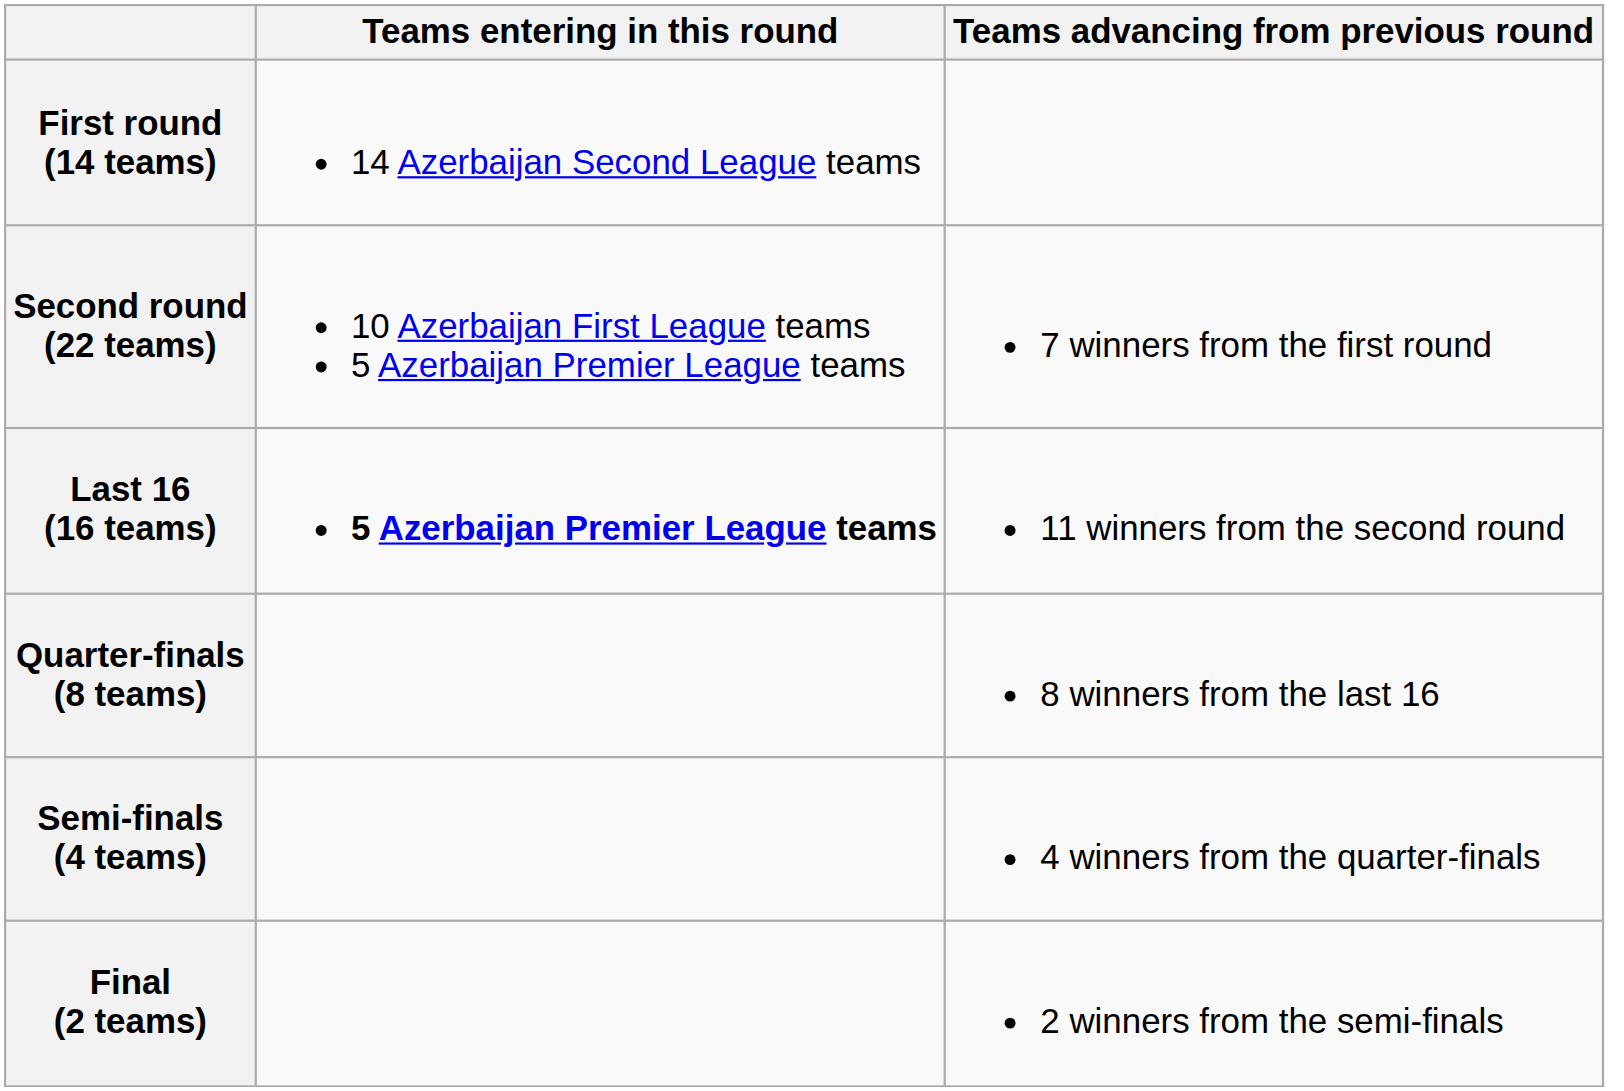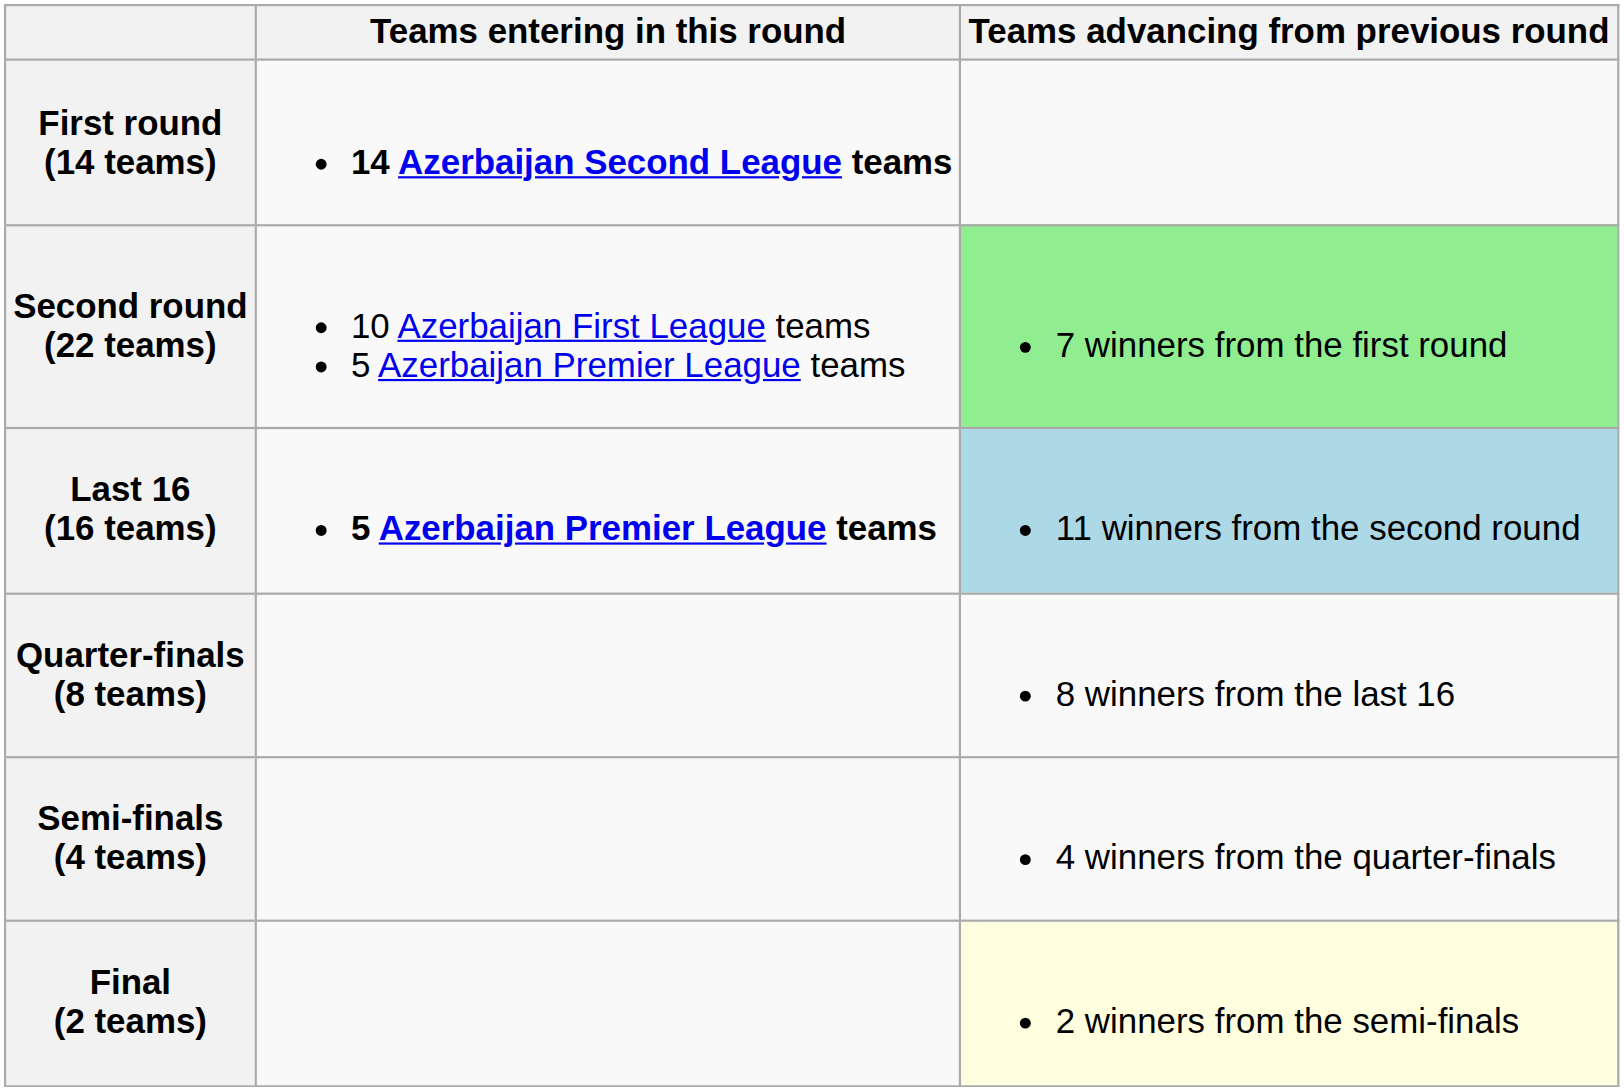 <table class="wikitable">
 <tr>
 <th colspan=2></th>
 <th>Teams entering in this round</th>
 <th>Teams advancing from previous round</th>
 </tr>
 <tr>
 <th colspan=2>First round<br>(14 teams)</th>
-<td><br><ul><li>14 <a href='#'>Azerbaijan Second League</a> teams</li></ul></td>
+<td><strong><br><ul><li>14 <a href='#'>Azerbaijan Second League</a> teams</li></ul></strong></td>
 <td></td>
 </tr>
 <tr>
 <th colspan=2>Second round<br>(22 teams)</th>
 <td><br><ul><li>10 <a href='#'>Azerbaijan First League</a> teams</li><li>5 <a href='#'>Azerbaijan Premier League</a> teams</li></ul></td>
-<td><br><ul><li>7 winners from the first round</li></ul></td>
+<td style="background: lightgreen;"><br><ul><li>7 winners from the first round</li></ul></td>
 </tr>
 <tr>
 <th colspan=2>Last 16<br>(16 teams)</th>
 <td><strong><br><ul><li>5 <a href='#'>Azerbaijan Premier League</a> teams</li></ul></strong></td>
-<td><br><ul><li>11 winners from the second round</li></ul></td>
+<td style="background: lightblue;"><br><ul><li>11 winners from the second round</li></ul></td>
 </tr>
 <tr>
 <th colspan=2>Quarter-finals<br>(8 teams)</th>
 <td></td>
 <td><br><ul><li>8 winners from the last 16</li></ul></td>
 </tr>
 <tr>
 <th colspan=2>Semi-finals<br>(4 teams)</th>
 <td></td>
 <td><br><ul><li>4 winners from the quarter-finals</li></ul></td>
 </tr>
 <tr>
 <th colspan=2>Final<br>(2 teams)</th>
 <td></td>
-<td><br><ul><li>2 winners from the semi-finals</li></ul></td>
+<td style="background: lightyellow;"><br><ul><li>2 winners from the semi-finals</li></ul></td>
 </tr>
 </table>
